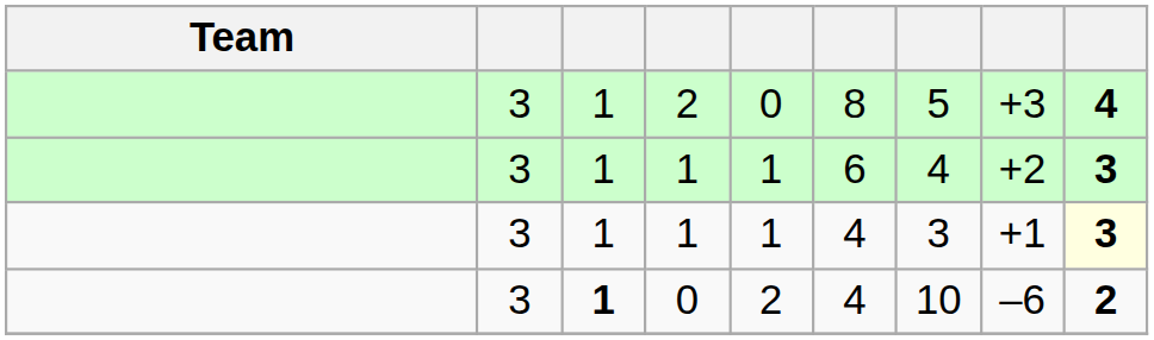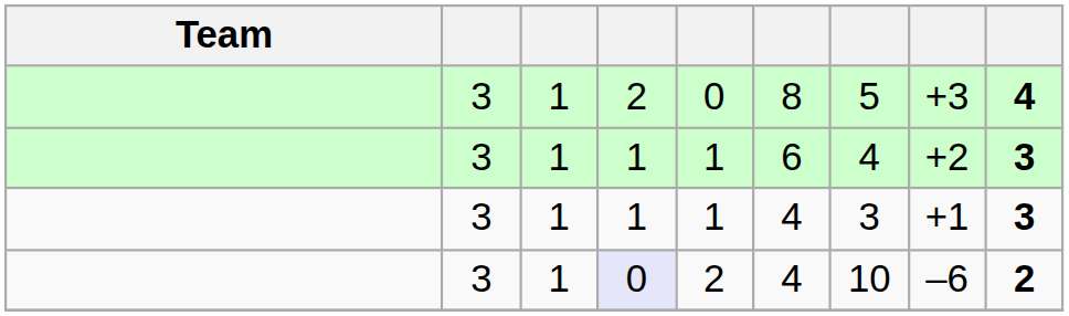 <table class="wikitable" style="text-align:center">
 <tr>
 <th width=175>Team</th>
 <th width=25></th>
 <th width=25></th>
 <th width=25></th>
 <th width=25></th>
 <th width=25></th>
 <th width=25></th>
 <th width=25></th>
 <th width=25></th>
 </tr>
 <tr align=center bgcolor=#ccffcc>
 <td style="text-align:left;"><strong></strong></td>
 <td>3</td>
 <td>1</td>
 <td>2</td>
 <td>0</td>
 <td>8</td>
 <td>5</td>
 <td>+3</td>
 <td><strong>4</strong></td>
 </tr>
 <tr align=center bgcolor=#ccffcc>
 <td style="text-align:left;"><strong></strong></td>
 <td>3</td>
 <td>1</td>
 <td>1</td>
 <td>1</td>
 <td>6</td>
 <td>4</td>
 <td>+2</td>
 <td><strong>3</strong></td>
 </tr>
 <tr>
 <td style="text-align:left;"></td>
 <td>3</td>
 <td>1</td>
 <td>1</td>
 <td>1</td>
 <td>4</td>
 <td>3</td>
 <td>+1</td>
-<td style="background: lightyellow;"><strong>3</strong></td>
+<td><strong>3</strong></td>
 </tr>
 <tr>
 <td style="text-align:left;"></td>
 <td>3</td>
-<td><strong>1</strong></td>
-<td>0</td>
+<td>1</td>
+<td style="background: lavender;">0</td>
 <td>2</td>
 <td>4</td>
 <td>10</td>
 <td>–6</td>
 <td><strong>2</strong></td>
 </tr>
 <tr>
 </tr>
 </table>
